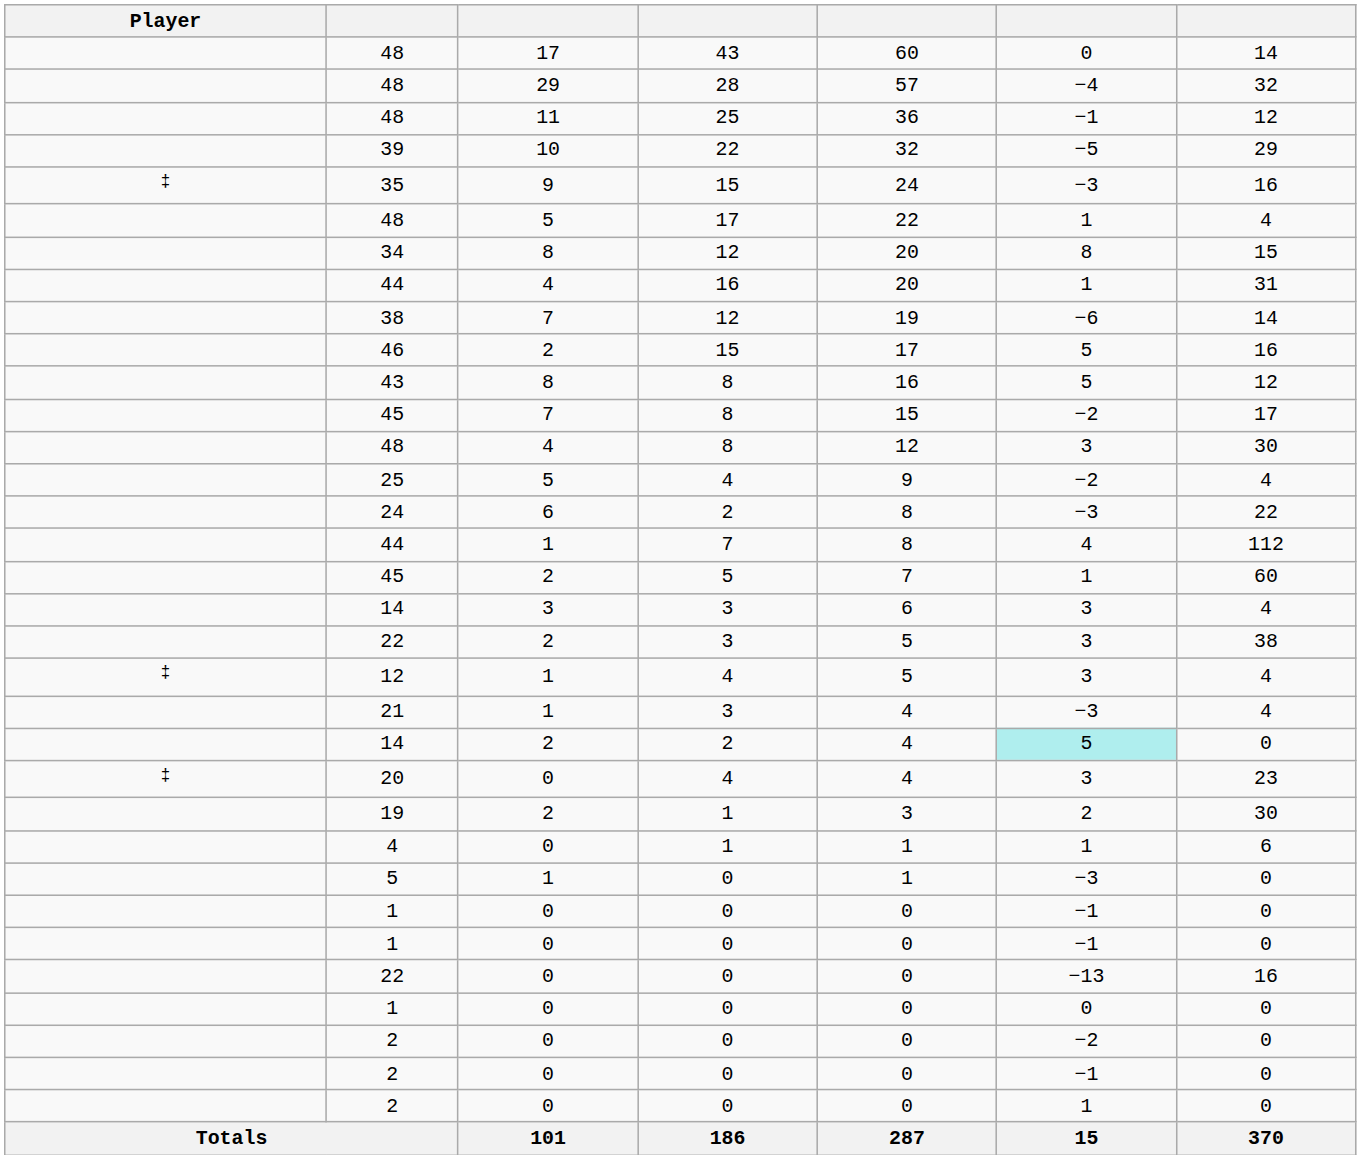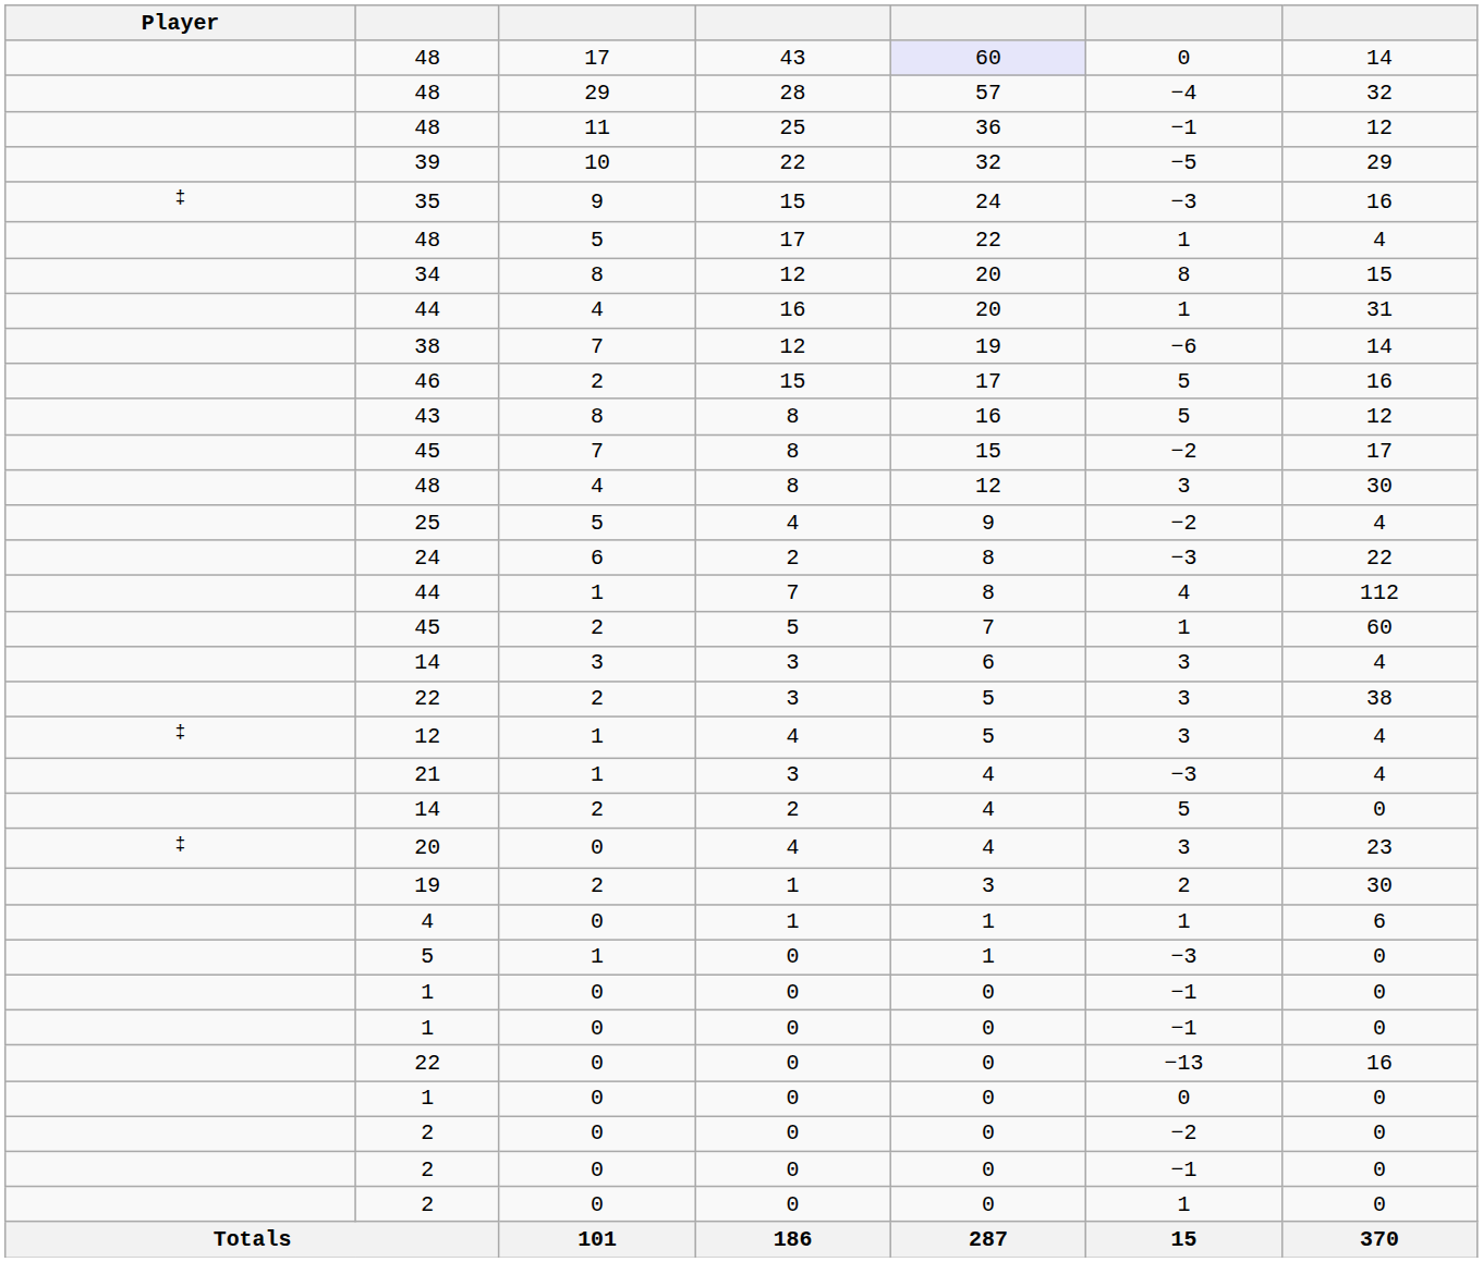 <table class="wikitable sortable" style="width:100%; text-align:center;">
 <tr align=center>
 <th>Player</th>
 <th></th>
 <th></th>
 <th></th>
 <th></th>
 <th data-sort-type="number"></th>
 <th></th>
 </tr>
 <tr>
 <td></td>
 <td>48</td>
 <td>17</td>
 <td>43</td>
-<td>60</td>
+<td style="background: lavender;">60</td>
 <td>0</td>
 <td>14</td>
 </tr>
 <tr>
 <td></td>
 <td>48</td>
 <td>29</td>
 <td>28</td>
 <td>57</td>
 <td>−4</td>
 <td>32</td>
 </tr>
 <tr>
 <td></td>
 <td>48</td>
 <td>11</td>
 <td>25</td>
 <td>36</td>
 <td>−1</td>
 <td>12</td>
 </tr>
 <tr>
 <td></td>
 <td>39</td>
 <td>10</td>
 <td>22</td>
 <td>32</td>
 <td>−5</td>
 <td>29</td>
 </tr>
 <tr>
 <td><sup>‡</sup></td>
 <td>35</td>
 <td>9</td>
 <td>15</td>
 <td>24</td>
 <td>−3</td>
 <td>16</td>
 </tr>
 <tr>
 <td></td>
 <td>48</td>
 <td>5</td>
 <td>17</td>
 <td>22</td>
 <td>1</td>
 <td>4</td>
 </tr>
 <tr>
 <td></td>
 <td>34</td>
 <td>8</td>
 <td>12</td>
 <td>20</td>
 <td>8</td>
 <td>15</td>
 </tr>
 <tr>
 <td></td>
 <td>44</td>
 <td>4</td>
 <td>16</td>
 <td>20</td>
 <td>1</td>
 <td>31</td>
 </tr>
 <tr>
 <td></td>
 <td>38</td>
 <td>7</td>
 <td>12</td>
 <td>19</td>
 <td>−6</td>
 <td>14</td>
 </tr>
 <tr>
 <td></td>
 <td>46</td>
 <td>2</td>
 <td>15</td>
 <td>17</td>
 <td>5</td>
 <td>16</td>
 </tr>
 <tr>
 <td></td>
 <td>43</td>
 <td>8</td>
 <td>8</td>
 <td>16</td>
 <td>5</td>
 <td>12</td>
 </tr>
 <tr>
 <td></td>
 <td>45</td>
 <td>7</td>
 <td>8</td>
 <td>15</td>
 <td>−2</td>
 <td>17</td>
 </tr>
 <tr>
 <td></td>
 <td>48</td>
 <td>4</td>
 <td>8</td>
 <td>12</td>
 <td>3</td>
 <td>30</td>
 </tr>
 <tr>
 <td></td>
 <td>25</td>
 <td>5</td>
 <td>4</td>
 <td>9</td>
 <td>−2</td>
 <td>4</td>
 </tr>
 <tr>
 <td></td>
 <td>24</td>
 <td>6</td>
 <td>2</td>
 <td>8</td>
 <td>−3</td>
 <td>22</td>
 </tr>
 <tr>
 <td></td>
 <td>44</td>
 <td>1</td>
 <td>7</td>
 <td>8</td>
 <td>4</td>
 <td>112</td>
 </tr>
 <tr>
 <td></td>
 <td>45</td>
 <td>2</td>
 <td>5</td>
 <td>7</td>
 <td>1</td>
 <td>60</td>
 </tr>
 <tr>
 <td></td>
 <td>14</td>
 <td>3</td>
 <td>3</td>
 <td>6</td>
 <td>3</td>
 <td>4</td>
 </tr>
 <tr>
 <td></td>
 <td>22</td>
 <td>2</td>
 <td>3</td>
 <td>5</td>
 <td>3</td>
 <td>38</td>
 </tr>
 <tr>
 <td><sup>‡</sup></td>
 <td>12</td>
 <td>1</td>
 <td>4</td>
 <td>5</td>
 <td>3</td>
 <td>4</td>
 </tr>
 <tr>
 <td></td>
 <td>21</td>
 <td>1</td>
 <td>3</td>
 <td>4</td>
 <td>−3</td>
 <td>4</td>
 </tr>
 <tr>
 <td></td>
 <td>14</td>
 <td>2</td>
 <td>2</td>
 <td>4</td>
-<td style="background: paleturquoise;">5</td>
+<td>5</td>
 <td>0</td>
 </tr>
 <tr>
 <td><sup>‡</sup></td>
 <td>20</td>
 <td>0</td>
 <td>4</td>
 <td>4</td>
 <td>3</td>
 <td>23</td>
 </tr>
 <tr>
 <td></td>
 <td>19</td>
 <td>2</td>
 <td>1</td>
 <td>3</td>
 <td>2</td>
 <td>30</td>
 </tr>
 <tr>
 <td></td>
 <td>4</td>
 <td>0</td>
 <td>1</td>
 <td>1</td>
 <td>1</td>
 <td>6</td>
 </tr>
 <tr>
 <td></td>
 <td>5</td>
 <td>1</td>
 <td>0</td>
 <td>1</td>
 <td>−3</td>
 <td>0</td>
 </tr>
 <tr>
 <td></td>
 <td>1</td>
 <td>0</td>
 <td>0</td>
 <td>0</td>
 <td>−1</td>
 <td>0</td>
 </tr>
 <tr>
 <td></td>
 <td>1</td>
 <td>0</td>
 <td>0</td>
 <td>0</td>
 <td>−1</td>
 <td>0</td>
 </tr>
 <tr>
 <td></td>
 <td>22</td>
 <td>0</td>
 <td>0</td>
 <td>0</td>
 <td>−13</td>
 <td>16</td>
 </tr>
 <tr>
 <td></td>
 <td>1</td>
 <td>0</td>
 <td>0</td>
 <td>0</td>
 <td>0</td>
 <td>0</td>
 </tr>
 <tr>
 <td></td>
 <td>2</td>
 <td>0</td>
 <td>0</td>
 <td>0</td>
 <td>−2</td>
 <td>0</td>
 </tr>
 <tr>
 <td></td>
 <td>2</td>
 <td>0</td>
 <td>0</td>
 <td>0</td>
 <td>−1</td>
 <td>0</td>
 </tr>
 <tr>
 <td></td>
 <td>2</td>
 <td>0</td>
 <td>0</td>
 <td>0</td>
 <td>1</td>
 <td>0</td>
 </tr>
 <tr class="unsortable">
 <th colspan=2>Totals</th>
 <th>101</th>
 <th>186</th>
 <th>287</th>
 <th>15</th>
 <th>370</th>
 </tr>
 </table>
